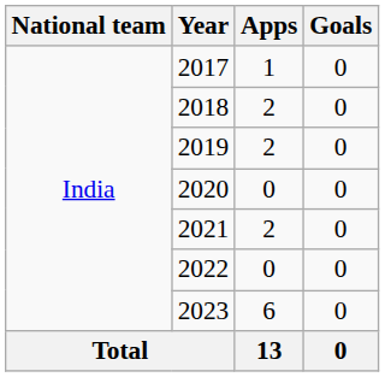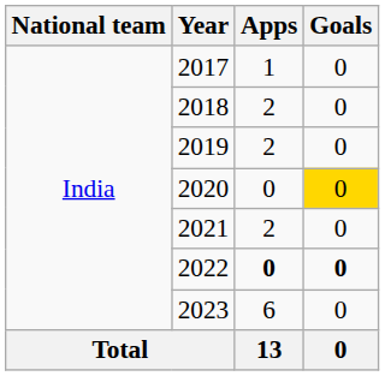 <table class="wikitable" style="text-align: center;">
 <tr>
 <th>National team</th>
 <th>Year</th>
 <th>Apps</th>
 <th>Goals</th>
 </tr>
 <tr>
 <td rowspan="7"><a href='#'>India</a></td>
 <td>2017</td>
 <td>1</td>
 <td>0</td>
 </tr>
 <tr>
 <td>2018</td>
 <td>2</td>
 <td>0</td>
 </tr>
 <tr>
 <td>2019</td>
 <td>2</td>
 <td>0</td>
 </tr>
 <tr>
 <td>2020</td>
 <td>0</td>
-<td>0</td>
+<td style="background: gold;">0</td>
 </tr>
 <tr>
 <td>2021</td>
 <td>2</td>
 <td>0</td>
 </tr>
 <tr>
 <td>2022</td>
-<td>0</td>
-<td>0</td>
+<td><strong>0</strong></td>
+<td><strong>0</strong></td>
 </tr>
 <tr>
 <td>2023</td>
 <td>6</td>
 <td>0</td>
 </tr>
 <tr>
 <th colspan="2">Total</th>
 <th>13</th>
 <th>0</th>
 </tr>
 </table>
